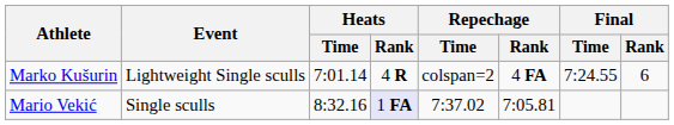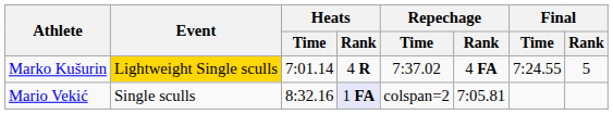 <table class="wikitable" style="font-size:90%">
 <tr>
 <th rowspan="2">Athlete</th>
 <th rowspan="2">Event</th>
 <th colspan="2">Heats</th>
 <th colspan="2">Repechage</th>
 <th colspan="2">Final</th>
 </tr>
 <tr style="font-size:95%">
 <th>Time</th>
 <th>Rank</th>
 <th>Time</th>
 <th>Rank</th>
 <th>Time</th>
 <th>Rank</th>
 </tr>
 <tr align=center>
 <td align=left><a href='#'>Marko Kušurin</a></td>
-<td align=left>Lightweight Single sculls</td>
+<td align=left style="background: gold;">Lightweight Single sculls</td>
 <td>7:01.14</td>
 <td>4 <strong>R</strong></td>
-<td>colspan=2 </td>
+<td>7:37.02</td>
 <td>4 <strong>FA</strong></td>
 <td>7:24.55</td>
-<td>6</td>
+<td>5</td>
 </tr>
 <tr align=center>
 <td align=left><a href='#'>Mario Vekić</a></td>
 <td align=left>Single sculls</td>
 <td>8:32.16</td>
 <td style="background: lavender;">1 <strong>FA</strong></td>
-<td>7:37.02</td>
+<td>colspan=2 </td>
 <td>7:05.81</td>
 <td></td>
 </tr>
 </table>
